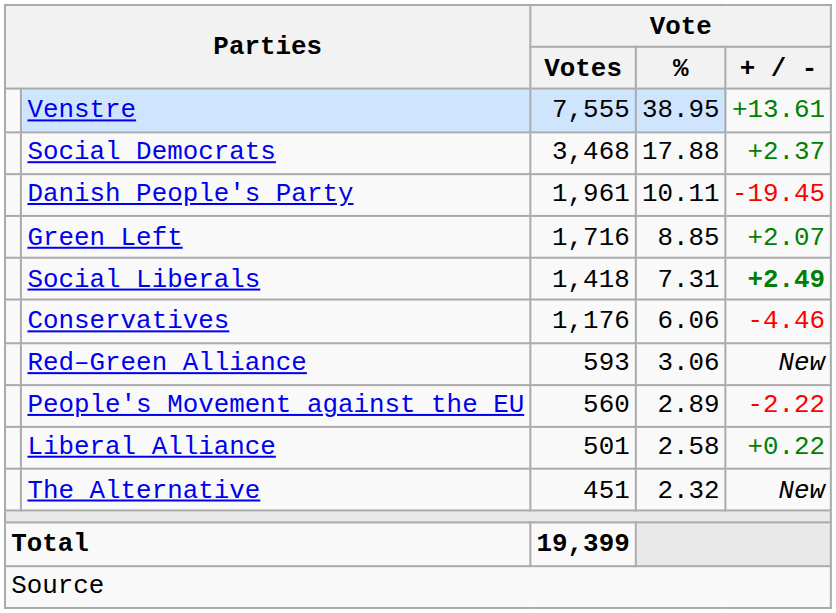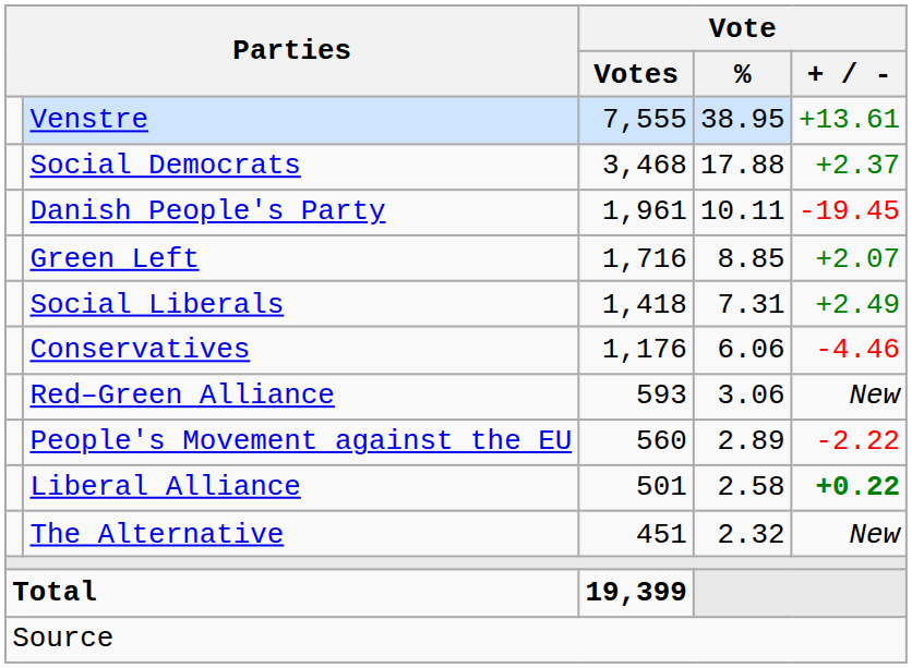 <table class="wikitable" style="text-align:right;">
 <tr>
 <th style="text-align:centre;" rowspan="2" colspan="2" width="225">Parties</th>
 <th colspan="3">Vote</th>
 </tr>
 <tr>
 <th width="15">Votes</th>
 <th width="15">%</th>
 <th width="15">+ / -</th>
 </tr>
 <tr>
 <td width="2" style="color:inherit;background:"></td>
 <td bgcolor=#cfe5fe   align="left"><a href='#'>Venstre</a></td>
 <td bgcolor=#cfe5fe>7,555</td>
 <td bgcolor=#cfe5fe>38.95</td>
 <td style=color:green;>+13.61</td>
 </tr>
 <tr>
 <td width="2" style="color:inherit;background:"></td>
 <td align="left"><a href='#'>Social Democrats</a></td>
 <td>3,468</td>
 <td>17.88</td>
 <td style=color:green;>+2.37</td>
 </tr>
 <tr>
 <td width="2" style="color:inherit;background:"></td>
 <td align="left"><a href='#'>Danish People's Party</a></td>
 <td>1,961</td>
 <td>10.11</td>
 <td style=color:red;>-19.45</td>
 </tr>
 <tr>
 <td width="2" style="color:inherit;background:"></td>
 <td align="left"><a href='#'>Green Left</a></td>
 <td>1,716</td>
 <td>8.85</td>
 <td style=color:green;>+2.07</td>
 </tr>
 <tr>
 <td width="2" style="color:inherit;background:"></td>
 <td align="left"><a href='#'>Social Liberals</a></td>
 <td>1,418</td>
 <td>7.31</td>
-<td style=color:green;><strong>+2.49</strong></td>
+<td style=color:green;>+2.49</td>
 </tr>
 <tr>
 <td width="2" style="color:inherit;background:"></td>
 <td align="left"><a href='#'>Conservatives</a></td>
 <td>1,176</td>
 <td>6.06</td>
 <td style=color:red;>-4.46</td>
 </tr>
 <tr>
 <td width="2" style="color:inherit;background:"></td>
 <td align="left"><a href='#'>Red–Green Alliance</a></td>
 <td>593</td>
 <td>3.06</td>
 <td><em>New</em></td>
 </tr>
 <tr>
 <td width="2" style="color:inherit;background:"></td>
 <td align="left"><a href='#'>People's Movement against the EU</a></td>
 <td>560</td>
 <td>2.89</td>
 <td style=color:red;>-2.22</td>
 </tr>
 <tr>
 <td width="2" style="color:inherit;background:"></td>
 <td align="left"><a href='#'>Liberal Alliance</a></td>
 <td>501</td>
 <td>2.58</td>
-<td style=color:green;>+0.22</td>
+<td style=color:green;><strong>+0.22</strong></td>
 </tr>
 <tr>
 <td width="2" style="color:inherit;background:"></td>
 <td align="left"><a href='#'>The Alternative</a></td>
 <td>451</td>
 <td>2.32</td>
 <td><em>New</em></td>
 </tr>
 <tr>
 <td colspan="7" bgcolor="#E9E9E9"></td>
 </tr>
 <tr>
 <td align="left" colspan="2"><strong>Total</strong></td>
 <td><strong>19,399</strong></td>
 <td bgcolor="#E9E9E9" colspan="2"></td>
 </tr>
 <tr>
 <td align="left" colspan="6">Source</td>
 </tr>
 </table>
